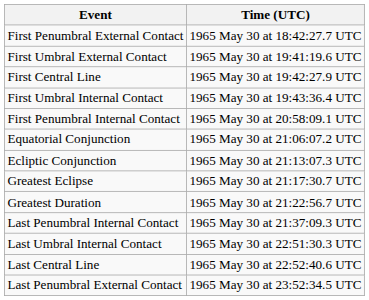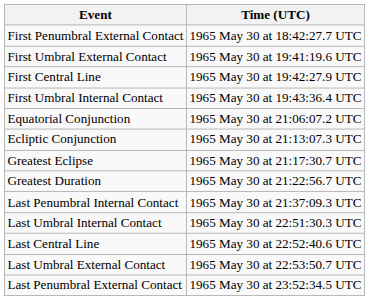 <table class="wikitable">
 <tr>
 <th>Event</th>
 <th>Time (UTC)</th>
 </tr>
 <tr>
 <td>First Penumbral External Contact</td>
 <td>1965 May 30 at 18:42:27.7 UTC</td>
 </tr>
 <tr>
 <td>First Umbral External Contact</td>
 <td>1965 May 30 at 19:41:19.6 UTC</td>
 </tr>
 <tr>
 <td>First Central Line</td>
 <td>1965 May 30 at 19:42:27.9 UTC</td>
 </tr>
 <tr>
 <td>First Umbral Internal Contact</td>
 <td>1965 May 30 at 19:43:36.4 UTC</td>
-</tr>
-<tr>
-<td>First Penumbral Internal Contact</td>
-<td>1965 May 30 at 20:58:09.1 UTC</td>
 </tr>
 <tr>
 <td>Equatorial Conjunction</td>
 <td>1965 May 30 at 21:06:07.2 UTC</td>
 </tr>
 <tr>
 <td>Ecliptic Conjunction</td>
 <td>1965 May 30 at 21:13:07.3 UTC</td>
 </tr>
 <tr>
 <td>Greatest Eclipse</td>
 <td>1965 May 30 at 21:17:30.7 UTC</td>
 </tr>
 <tr>
 <td>Greatest Duration</td>
 <td>1965 May 30 at 21:22:56.7 UTC</td>
 </tr>
 <tr>
 <td>Last Penumbral Internal Contact</td>
 <td>1965 May 30 at 21:37:09.3 UTC</td>
 </tr>
 <tr>
 <td>Last Umbral Internal Contact</td>
 <td>1965 May 30 at 22:51:30.3 UTC</td>
 </tr>
 <tr>
 <td>Last Central Line</td>
 <td>1965 May 30 at 22:52:40.6 UTC</td>
 </tr>
 <tr>
+<td>Last Umbral External Contact</td>
+<td>1965 May 30 at 22:53:50.7 UTC</td>
+</tr>
+<tr>
 <td>Last Penumbral External Contact</td>
 <td>1965 May 30 at 23:52:34.5 UTC</td>
 </tr>
 </table>
